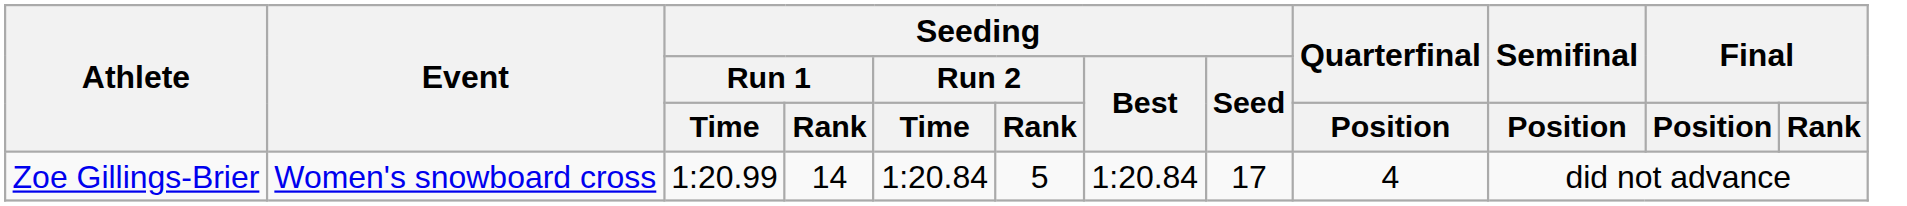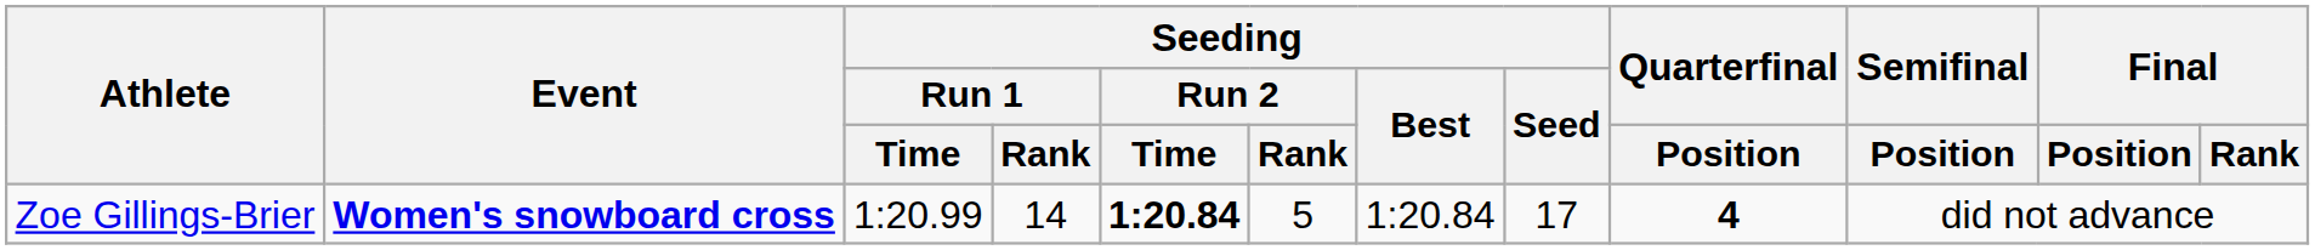 <table class=wikitable style=font-size:90%>
 <tr>
 <th rowspan=3>Athlete</th>
 <th rowspan=3>Event</th>
 <th colspan=6>Seeding</th>
 <th rowspan=2>Quarterfinal</th>
 <th rowspan=2>Semifinal</th>
 <th rowspan=2 colspan=2>Final</th>
 </tr>
 <tr style=font-size:95%>
 <th colspan=2>Run 1</th>
 <th colspan=2>Run 2</th>
 <th rowspan=2>Best</th>
 <th rowspan=2>Seed</th>
 </tr>
 <tr style=font-size:95%>
 <th>Time</th>
 <th>Rank</th>
 <th>Time</th>
 <th>Rank</th>
 <th>Position</th>
 <th>Position</th>
 <th>Position</th>
 <th>Rank</th>
 </tr>
 <tr align=center>
 <td align=left><a href='#'>Zoe Gillings-Brier</a></td>
-<td align=left><a href='#'>Women's snowboard cross</a></td>
+<td align=left><strong><a href='#'>Women's snowboard cross</a></strong></td>
 <td>1:20.99</td>
 <td>14</td>
-<td>1:20.84</td>
+<td><strong>1:20.84</strong></td>
 <td>5</td>
 <td>1:20.84</td>
 <td>17</td>
-<td>4</td>
+<td><strong>4</strong></td>
 <td colspan=3>did not advance</td>
 </tr>
 </table>
